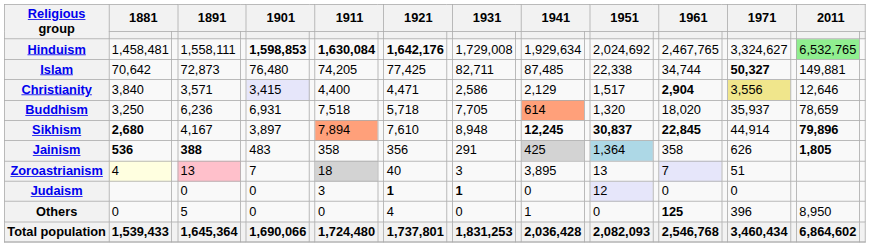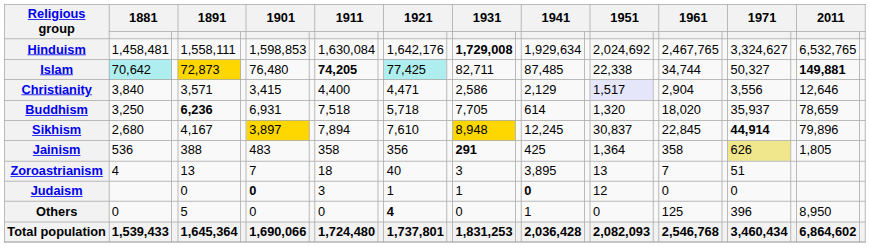 <table class="wikitable sortable">
 <tr>
 <th rowspan="2"><a href='#'>Religious</a><br>group</th>
 <th colspan="2">1881</th>
 <th colspan="2">1891</th>
 <th colspan="2">1901</th>
 <th colspan="2">1911</th>
 <th colspan="2">1921</th>
 <th colspan="2">1931</th>
 <th colspan="2">1941</th>
 <th colspan="2">1951</th>
 <th colspan="2">1961</th>
 <th colspan="2">1971</th>
 <th colspan="2">2011</th>
 </tr>
 <tr>
 <th><a href='#'></a></th>
 <th></th>
 <th></th>
 <th></th>
 <th></th>
 <th></th>
 <th></th>
 <th></th>
 <th></th>
 <th></th>
 <th></th>
 <th></th>
 <th></th>
 <th></th>
 <th></th>
 <th></th>
 <th></th>
 <th></th>
 <th></th>
 <th></th>
 <th></th>
 <th></th>
 </tr>
 <tr>
 <th><a href='#'>Hinduism</a> </th>
 <td>1,458,481</td>
 <td></td>
 <td>1,558,111</td>
 <td></td>
-<td><strong>1,598,853</strong></td>
+<td>1,598,853</td>
 <td></td>
-<td><strong>1,630,084</strong></td>
+<td>1,630,084</td>
 <td></td>
-<td><strong>1,642,176</strong></td>
+<td>1,642,176</td>
 <td></td>
-<td>1,729,008</td>
+<td><strong>1,729,008</strong></td>
 <td></td>
 <td>1,929,634</td>
 <td></td>
 <td>2,024,692</td>
 <td></td>
 <td>2,467,765</td>
 <td></td>
 <td>3,324,627</td>
 <td></td>
-<td style="background: lightgreen;">6,532,765</td>
+<td>6,532,765</td>
 <td></td>
 </tr>
 <tr>
 <th><a href='#'>Islam</a> </th>
-<td>70,642</td>
+<td style="background: paleturquoise;">70,642</td>
 <td></td>
-<td>72,873</td>
+<td style="background: gold;">72,873</td>
 <td></td>
 <td>76,480</td>
 <td></td>
-<td>74,205</td>
+<td><strong>74,205</strong></td>
 <td></td>
-<td>77,425</td>
+<td style="background: paleturquoise;">77,425</td>
 <td></td>
 <td>82,711</td>
 <td></td>
 <td>87,485</td>
 <td></td>
 <td>22,338</td>
 <td></td>
 <td>34,744</td>
 <td></td>
-<td><strong>50,327</strong></td>
+<td>50,327</td>
 <td></td>
-<td>149,881</td>
+<td><strong>149,881</strong></td>
 <td></td>
 </tr>
 <tr>
 <th><a href='#'>Christianity</a> </th>
 <td>3,840</td>
 <td></td>
 <td>3,571</td>
 <td></td>
-<td style="background: lavender;">3,415</td>
+<td>3,415</td>
 <td></td>
 <td>4,400</td>
 <td></td>
 <td>4,471</td>
 <td></td>
 <td>2,586</td>
 <td></td>
 <td>2,129</td>
 <td></td>
-<td>1,517</td>
+<td style="background: lavender;">1,517</td>
 <td></td>
-<td><strong>2,904</strong></td>
+<td>2,904</td>
 <td></td>
-<td style="background: khaki;">3,556</td>
+<td>3,556</td>
 <td></td>
 <td>12,646</td>
 <td></td>
 </tr>
 <tr>
 <th><a href='#'>Buddhism</a> </th>
 <td>3,250</td>
 <td></td>
-<td>6,236</td>
+<td><strong>6,236</strong></td>
 <td></td>
 <td>6,931</td>
 <td></td>
 <td>7,518</td>
 <td></td>
 <td>5,718</td>
 <td></td>
 <td>7,705</td>
 <td></td>
-<td style="background: lightsalmon;">614</td>
+<td>614</td>
 <td></td>
 <td>1,320</td>
 <td></td>
 <td>18,020</td>
 <td></td>
 <td>35,937</td>
 <td></td>
 <td>78,659</td>
 <td></td>
 </tr>
 <tr>
 <th><a href='#'>Sikhism</a> </th>
-<td><strong>2,680</strong></td>
+<td>2,680</td>
 <td></td>
 <td>4,167</td>
 <td></td>
-<td>3,897</td>
+<td style="background: gold;">3,897</td>
 <td></td>
-<td style="background: lightsalmon;">7,894</td>
+<td>7,894</td>
 <td></td>
 <td>7,610</td>
 <td></td>
-<td>8,948</td>
+<td style="background: gold;">8,948</td>
 <td></td>
-<td><strong>12,245</strong></td>
+<td>12,245</td>
 <td></td>
-<td><strong>30,837</strong></td>
+<td>30,837</td>
 <td></td>
-<td><strong>22,845</strong></td>
+<td>22,845</td>
 <td></td>
-<td>44,914</td>
+<td><strong>44,914</strong></td>
 <td></td>
-<td><strong>79,896</strong></td>
+<td>79,896</td>
 <td></td>
 </tr>
 <tr>
 <th><a href='#'>Jainism</a> </th>
-<td><strong>536</strong></td>
+<td>536</td>
 <td></td>
-<td><strong>388</strong></td>
+<td>388</td>
 <td></td>
 <td>483</td>
 <td></td>
 <td>358</td>
 <td></td>
 <td>356</td>
 <td></td>
-<td>291</td>
+<td><strong>291</strong></td>
 <td></td>
-<td style="background: lightgrey;">425</td>
+<td>425</td>
 <td></td>
-<td style="background: lightblue;">1,364</td>
+<td>1,364</td>
 <td></td>
 <td>358</td>
 <td></td>
-<td>626</td>
+<td style="background: khaki;">626</td>
 <td></td>
-<td><strong>1,805</strong></td>
+<td>1,805</td>
 <td></td>
 </tr>
 <tr>
 <th><a href='#'>Zoroastrianism</a> </th>
-<td style="background: lightyellow;">4</td>
+<td>4</td>
 <td></td>
-<td style="background: pink;">13</td>
+<td>13</td>
 <td></td>
 <td>7</td>
 <td></td>
-<td style="background: lightgrey;">18</td>
+<td>18</td>
 <td></td>
 <td>40</td>
 <td></td>
 <td>3</td>
 <td></td>
 <td>3,895</td>
 <td></td>
 <td>13</td>
 <td></td>
-<td style="background: lavender;">7</td>
+<td>7</td>
 <td></td>
 <td>51</td>
 <td></td>
 <td></td>
 <td></td>
 </tr>
 <tr>
 <th><a href='#'>Judaism</a> </th>
 <td></td>
 <td></td>
 <td>0</td>
 <td></td>
-<td>0</td>
+<td><strong>0</strong></td>
 <td></td>
 <td>3</td>
 <td></td>
-<td><strong>1</strong></td>
+<td>1</td>
 <td></td>
-<td><strong>1</strong></td>
+<td>1</td>
 <td></td>
-<td>0</td>
+<td><strong>0</strong></td>
 <td></td>
-<td style="background: lavender;">12</td>
+<td>12</td>
 <td></td>
 <td>0</td>
 <td></td>
 <td>0</td>
 <td></td>
 <td></td>
 <td></td>
 </tr>
 <tr>
 <th>Others</th>
 <td>0</td>
 <td></td>
 <td>5</td>
 <td></td>
 <td>0</td>
 <td></td>
 <td>0</td>
 <td></td>
-<td>4</td>
+<td><strong>4</strong></td>
 <td></td>
 <td>0</td>
 <td></td>
 <td>1</td>
 <td></td>
 <td>0</td>
 <td></td>
-<td><strong>125</strong></td>
+<td>125</td>
 <td></td>
 <td>396</td>
 <td></td>
 <td>8,950</td>
 <td></td>
 </tr>
 <tr>
 <th>Total population</th>
 <th>1,539,433</th>
 <th></th>
 <th>1,645,364</th>
 <th></th>
 <th>1,690,066</th>
 <th></th>
 <th>1,724,480</th>
 <th></th>
 <th>1,737,801</th>
 <th></th>
 <th>1,831,253</th>
 <th></th>
 <th>2,036,428</th>
 <th></th>
 <th>2,082,093</th>
 <th></th>
 <th>2,546,768</th>
 <th></th>
 <th>3,460,434</th>
 <th></th>
 <th>6,864,602</th>
 <th></th>
 </tr>
 <tr class="sortbottom">
 </tr>
 </table>
